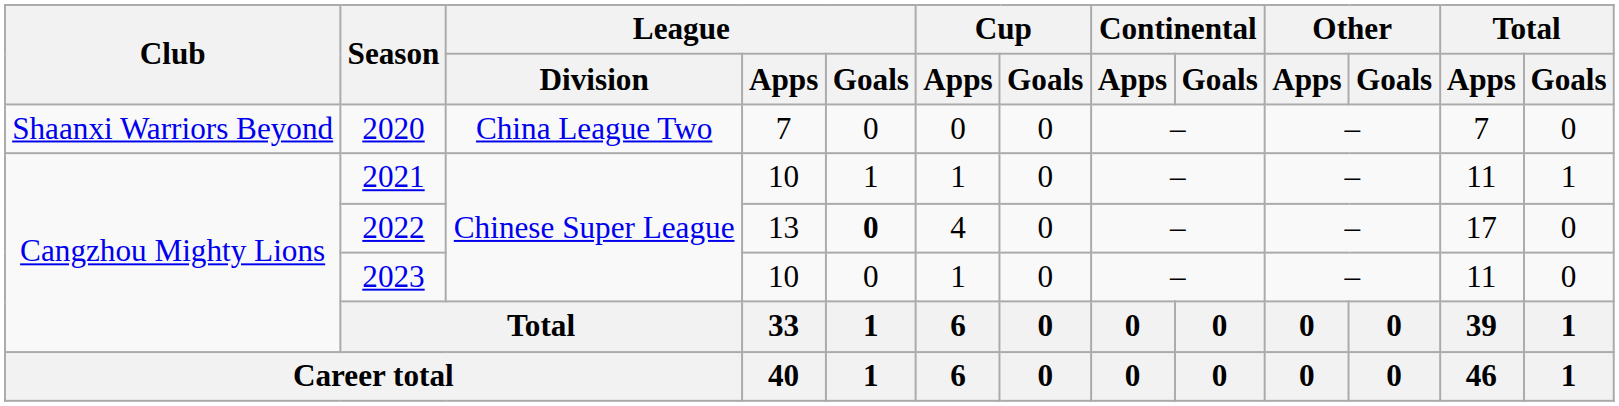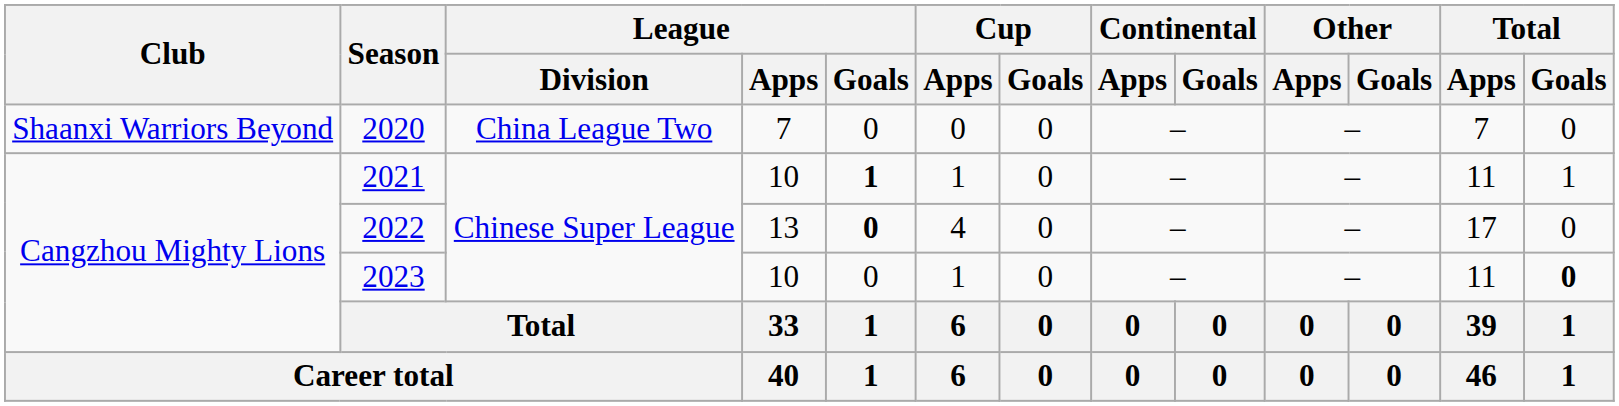 <table class="wikitable" style="text-align: center">
 <tr>
 <th rowspan="2">Club</th>
 <th rowspan="2">Season</th>
 <th colspan="3">League</th>
 <th colspan="2">Cup</th>
 <th colspan="2">Continental</th>
 <th colspan="2">Other</th>
 <th colspan="2">Total</th>
 </tr>
 <tr>
 <th>Division</th>
 <th>Apps</th>
 <th>Goals</th>
 <th>Apps</th>
 <th>Goals</th>
 <th>Apps</th>
 <th>Goals</th>
 <th>Apps</th>
 <th>Goals</th>
 <th>Apps</th>
 <th>Goals</th>
 </tr>
 <tr>
 <td><a href='#'>Shaanxi Warriors Beyond</a></td>
 <td><a href='#'>2020</a></td>
 <td><a href='#'>China League Two</a></td>
 <td>7</td>
 <td>0</td>
 <td>0</td>
 <td>0</td>
 <td colspan="2">–</td>
 <td colspan="2">–</td>
 <td>7</td>
 <td>0</td>
 </tr>
 <tr>
 <td rowspan=4><a href='#'>Cangzhou Mighty Lions</a></td>
 <td><a href='#'>2021</a></td>
 <td rowspan=3><a href='#'>Chinese Super League</a></td>
 <td>10</td>
-<td>1</td>
+<td><strong>1</strong></td>
 <td>1</td>
 <td>0</td>
 <td colspan="2">–</td>
 <td colspan="2">–</td>
 <td>11</td>
 <td>1</td>
 </tr>
 <tr>
 <td><a href='#'>2022</a></td>
 <td>13</td>
 <td><strong>0</strong></td>
 <td>4</td>
 <td>0</td>
 <td colspan="2">–</td>
 <td colspan="2">–</td>
 <td>17</td>
 <td>0</td>
 </tr>
 <tr>
 <td><a href='#'>2023</a></td>
 <td>10</td>
 <td>0</td>
 <td>1</td>
 <td>0</td>
 <td colspan="2">–</td>
 <td colspan="2">–</td>
 <td>11</td>
-<td>0</td>
+<td><strong>0</strong></td>
 </tr>
 <tr>
 <th colspan=2>Total</th>
 <th>33</th>
 <th>1</th>
 <th>6</th>
 <th>0</th>
 <th>0</th>
 <th>0</th>
 <th>0</th>
 <th>0</th>
 <th>39</th>
 <th>1</th>
 </tr>
 <tr>
 <th colspan=3>Career total</th>
 <th>40</th>
 <th>1</th>
 <th>6</th>
 <th>0</th>
 <th>0</th>
 <th>0</th>
 <th>0</th>
 <th>0</th>
 <th>46</th>
 <th>1</th>
 </tr>
 </table>
